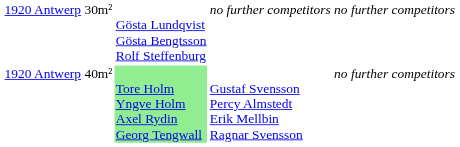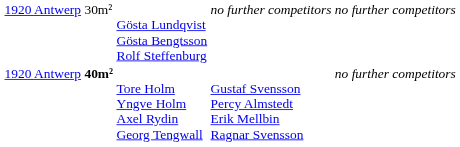 <table>
 <tr valign="top">
 <td><a href='#'>1920 Antwerp</a><br></td>
 <td>30m²</td>
 <td><br><a href='#'>Gösta Lundqvist</a><br><a href='#'>Gösta Bengtsson</a><br><a href='#'>Rolf Steffenburg</a></td>
 <td><em>no further competitors</em></td>
 <td><em>no further competitors</em></td>
 </tr>
 <tr valign="top">
 <td><a href='#'>1920 Antwerp</a><br></td>
-<td>40m²</td>
-<td style="background: lightgreen;"><br><a href='#'>Tore Holm</a><br><a href='#'>Yngve Holm</a><br><a href='#'>Axel Rydin</a><br><a href='#'>Georg Tengwall</a></td>
+<td><strong>40m²</strong></td>
+<td><br><a href='#'>Tore Holm</a><br><a href='#'>Yngve Holm</a><br><a href='#'>Axel Rydin</a><br><a href='#'>Georg Tengwall</a></td>
 <td><br><a href='#'>Gustaf Svensson</a><br><a href='#'>Percy Almstedt</a><br><a href='#'>Erik Mellbin</a><br><a href='#'>Ragnar Svensson</a></td>
 <td><em>no further competitors</em></td>
 </tr>
 </table>
